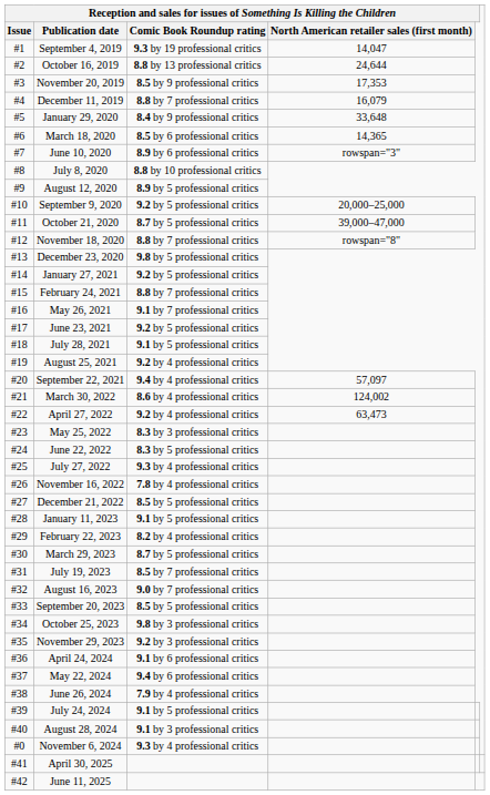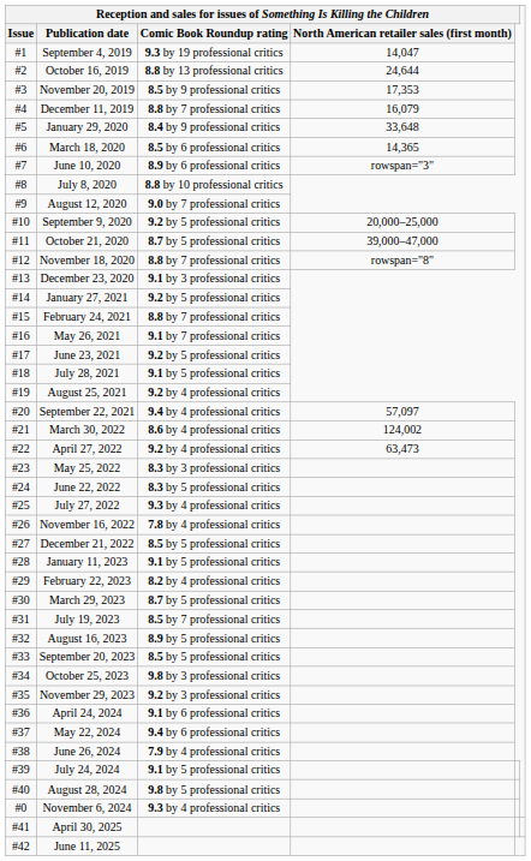 <table class="wikitable plainrowheaders mw-collapsible mw-collapsed" style="text-align:center;">
 <tr>
 <th colspan="5">Reception and sales for issues of <em>Something Is Killing the Children</em></th>
 </tr>
 <tr>
 <th scope="col">Issue</th>
 <th scope="col">Publication date</th>
 <th scope="col">Comic Book Roundup rating</th>
 <th scope="col">North American retailer sales (first month)</th>
 </tr>
 <tr>
 <td>#1</td>
 <td>September 4, 2019</td>
 <td><strong>9.3</strong> by 19 professional critics</td>
 <td>14,047</td>
 </tr>
 <tr>
 <td>#2</td>
 <td>October 16, 2019</td>
 <td><strong>8.8</strong> by 13 professional critics</td>
 <td>24,644</td>
 </tr>
 <tr>
 <td>#3</td>
 <td>November 20, 2019</td>
 <td><strong>8.5</strong> by 9 professional critics</td>
 <td>17,353</td>
 </tr>
 <tr>
 <td>#4</td>
 <td>December 11, 2019</td>
 <td><strong>8.8</strong> by 7 professional critics</td>
 <td>16,079</td>
 </tr>
 <tr>
 <td>#5</td>
 <td>January 29, 2020</td>
 <td><strong>8.4</strong> by 9 professional critics</td>
 <td>33,648</td>
 </tr>
 <tr>
 <td>#6</td>
 <td>March 18, 2020</td>
 <td><strong>8.5</strong> by 6 professional critics</td>
 <td>14,365</td>
 </tr>
 <tr>
 <td>#7</td>
 <td>June 10, 2020</td>
 <td><strong>8.9</strong> by 6 professional critics</td>
 <td>rowspan="3" </td>
 </tr>
 <tr>
 <td>#8</td>
 <td>July 8, 2020</td>
 <td><strong>8.8</strong> by 10 professional critics</td>
 </tr>
 <tr>
 <td>#9</td>
 <td>August 12, 2020</td>
-<td><strong>8.9</strong> by 5 professional critics</td>
+<td><strong>9.0</strong> by 7 professional critics</td>
 </tr>
 <tr>
 <td>#10</td>
 <td>September 9, 2020</td>
 <td><strong>9.2</strong> by 5 professional critics</td>
 <td>20,000–25,000</td>
 </tr>
 <tr>
 <td>#11</td>
 <td>October 21, 2020</td>
 <td><strong>8.7</strong> by 5 professional critics</td>
 <td>39,000–47,000</td>
 </tr>
 <tr>
 <td>#12</td>
 <td>November 18, 2020</td>
 <td><strong>8.8</strong> by 7 professional critics</td>
 <td>rowspan="8" </td>
 </tr>
 <tr>
 <td>#13</td>
 <td>December 23, 2020</td>
-<td><strong>9.8</strong> by 5 professional critics</td>
+<td><strong>9.1</strong> by 3 professional critics</td>
 </tr>
 <tr>
 <td>#14</td>
 <td>January 27, 2021</td>
 <td><strong>9.2</strong> by 5 professional critics</td>
 </tr>
 <tr>
 <td>#15</td>
 <td>February 24, 2021</td>
 <td><strong>8.8</strong> by 7 professional critics</td>
 </tr>
 <tr>
 <td>#16</td>
 <td>May 26, 2021</td>
 <td><strong>9.1</strong> by 7 professional critics</td>
 </tr>
 <tr>
 <td>#17</td>
 <td>June 23, 2021</td>
 <td><strong>9.2</strong> by 5 professional critics</td>
 </tr>
 <tr>
 <td>#18</td>
 <td>July 28, 2021</td>
 <td><strong>9.1</strong> by 5 professional critics</td>
 </tr>
 <tr>
 <td>#19</td>
 <td>August 25, 2021</td>
 <td><strong>9.2</strong> by 4 professional critics</td>
 </tr>
 <tr>
 <td>#20</td>
 <td>September 22, 2021</td>
 <td><strong>9.4</strong> by 4 professional critics</td>
 <td>57,097</td>
 </tr>
 <tr>
 <td>#21</td>
 <td>March 30, 2022</td>
 <td><strong>8.6</strong> by 4 professional critics</td>
 <td>124,002</td>
 </tr>
 <tr>
 <td>#22</td>
 <td>April 27, 2022</td>
 <td><strong>9.2</strong> by 4 professional critics</td>
 <td>63,473</td>
 </tr>
 <tr>
 <td>#23</td>
 <td>May 25, 2022</td>
 <td><strong>8.3</strong> by 3 professional critics</td>
 <td></td>
 </tr>
 <tr>
 <td>#24</td>
 <td>June 22, 2022</td>
 <td><strong>8.3</strong> by 5 professional critics</td>
 <td></td>
 </tr>
 <tr>
 <td>#25</td>
 <td>July 27, 2022</td>
 <td><strong>9.3</strong> by 4 professional critics</td>
 <td></td>
 </tr>
 <tr>
 <td>#26</td>
 <td>November 16, 2022</td>
 <td><strong>7.8</strong> by 4 professional critics</td>
 <td></td>
 </tr>
 <tr>
 <td>#27</td>
 <td>December 21, 2022</td>
 <td><strong>8.5</strong> by 5 professional critics</td>
 <td></td>
 </tr>
 <tr>
 <td>#28</td>
 <td>January 11, 2023</td>
 <td><strong>9.1</strong> by 5 professional critics</td>
 <td></td>
 </tr>
 <tr>
 <td>#29</td>
 <td>February 22, 2023</td>
 <td><strong>8.2</strong> by 4 professional critics</td>
 <td></td>
 </tr>
 <tr>
 <td>#30</td>
 <td>March 29, 2023</td>
 <td><strong>8.7</strong> by 5 professional critics</td>
 <td></td>
 </tr>
 <tr>
 <td>#31</td>
 <td>July 19, 2023</td>
 <td><strong>8.5</strong> by 7 professional critics</td>
 <td></td>
 </tr>
 <tr>
 <td>#32</td>
 <td>August 16, 2023</td>
-<td><strong>9.0</strong> by 7 professional critics</td>
+<td><strong>8.9</strong> by 5 professional critics</td>
 <td></td>
 </tr>
 <tr>
 <td>#33</td>
 <td>September 20, 2023</td>
 <td><strong>8.5</strong> by 5 professional critics</td>
 <td></td>
 </tr>
 <tr>
 <td>#34</td>
 <td>October 25, 2023</td>
 <td><strong>9.8</strong> by 3 professional critics</td>
 <td></td>
 </tr>
 <tr>
 <td>#35</td>
 <td>November 29, 2023</td>
 <td><strong>9.2</strong> by 3 professional critics</td>
 <td></td>
 </tr>
 <tr>
 <td>#36</td>
 <td>April 24, 2024</td>
 <td><strong>9.1</strong> by 6 professional critics</td>
 <td></td>
 </tr>
 <tr>
 <td>#37</td>
 <td>May 22, 2024</td>
 <td><strong>9.4</strong> by 6 professional critics</td>
 <td></td>
 </tr>
 <tr>
 <td>#38</td>
 <td>June 26, 2024</td>
 <td><strong>7.9</strong> by 4 professional critics</td>
 <td></td>
 </tr>
 <tr>
 <td>#39</td>
 <td>July 24, 2024</td>
 <td><strong>9.1</strong> by 5 professional critics</td>
 <td></td>
 <td></td>
 </tr>
 <tr>
 <td>#40</td>
 <td>August 28, 2024</td>
-<td><strong>9.1</strong> by 3 professional critics</td>
+<td><strong>9.8</strong> by 5 professional critics</td>
 <td></td>
 <td></td>
 </tr>
 <tr>
 <td>#0</td>
 <td>November 6, 2024</td>
 <td><strong>9.3</strong> by 4 professional critics</td>
 <td></td>
 <td></td>
 </tr>
 <tr>
 <td>#41</td>
 <td>April 30, 2025</td>
 <td></td>
 <td></td>
 <td></td>
 <td></td>
 </tr>
 <tr>
 <td>#42</td>
 <td>June 11, 2025</td>
 <td></td>
 <td></td>
 </tr>
 </table>
